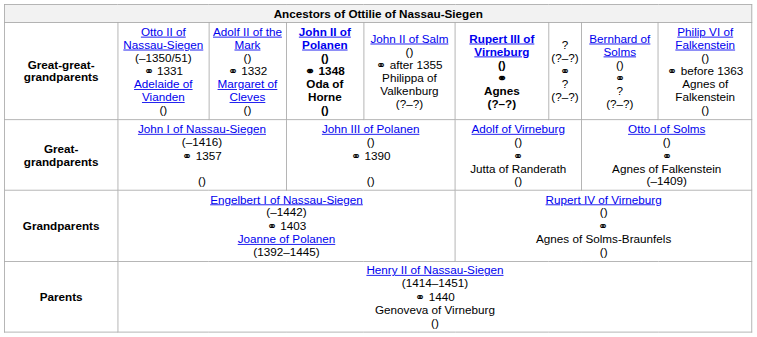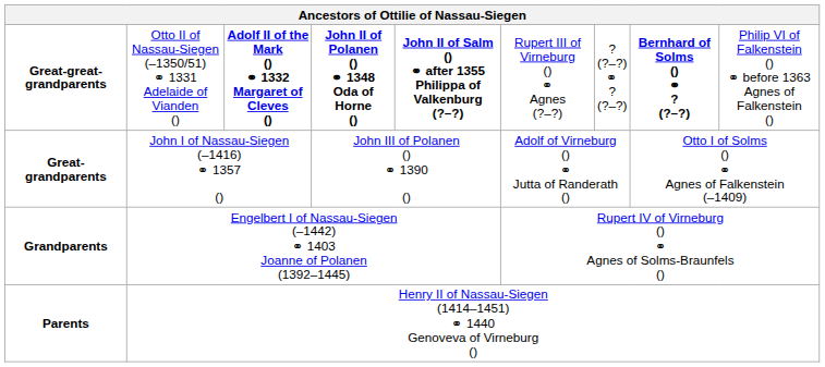 <table class="wikitable" style="background:#FFFFFF; font-size:85%; text-align:center">
 <tr bgcolor="#E0E0E0">
 <th colspan="9">Ancestors of Ottilie of Nassau-Siegen</th>
 </tr>
 <tr>
 <td><strong>Great-great-grandparents</strong></td>
 <td colspan="1"><a href='#'>Otto II of Nassau-Siegen</a><br>(–1350/51)<br>⚭ 1331<br><a href='#'>Adelaide of Vianden</a><br>()</td>
-<td colspan="1"><a href='#'>Adolf II of the Mark</a><br>()<br>⚭ 1332<br><a href='#'>Margaret of Cleves</a><br>()</td>
+<td colspan="1"><strong><a href='#'>Adolf II of the Mark</a><br>()<br>⚭ 1332<br><a href='#'>Margaret of Cleves</a><br>()</strong></td>
 <td colspan="1"><strong><a href='#'>John II of Polanen</a><br>()<br>⚭ 1348<br>Oda of Horne<br>()</strong></td>
-<td colspan="1"><a href='#'>John II of Salm</a><br>()<br>⚭ after 1355<br>Philippa of Valkenburg<br>(?–?)</td>
-<td colspan="1"><strong><a href='#'>Rupert III of Virneburg</a><br>()<br>⚭<br>Agnes<br>(?–?)</strong></td>
+<td colspan="1"><strong><a href='#'>John II of Salm</a><br>()<br>⚭ after 1355<br>Philippa of Valkenburg<br>(?–?)</strong></td>
+<td colspan="1"><a href='#'>Rupert III of Virneburg</a><br>()<br>⚭<br>Agnes<br>(?–?)</td>
 <td colspan="1">?<br>(?–?)<br>⚭<br>?<br>(?–?)</td>
-<td colspan="1"><a href='#'>Bernhard of Solms</a><br>()<br>⚭<br>?<br>(?–?)</td>
+<td colspan="1"><strong><a href='#'>Bernhard of Solms</a><br>()<br>⚭<br>?<br>(?–?)</strong></td>
 <td colspan="1"><a href='#'>Philip VI of Falkenstein</a><br>()<br>⚭ before 1363<br>Agnes of Falkenstein<br>()</td>
 </tr>
 <tr>
 <td><strong>Great-grandparents</strong></td>
 <td colspan="2"><a href='#'>John I of Nassau-Siegen</a><br>(–1416)<br>⚭ 1357<br><br>()</td>
 <td colspan="2"><a href='#'>John III of Polanen</a><br>()<br>⚭ 1390<br><br>()</td>
 <td colspan="2"><a href='#'>Adolf of Virneburg</a><br>()<br>⚭<br>Jutta of Randerath<br>()</td>
 <td colspan="2"><a href='#'>Otto I of Solms</a><br>()<br>⚭<br>Agnes of Falkenstein<br>(–1409)</td>
 </tr>
 <tr>
 <td><strong>Grandparents</strong></td>
 <td colspan="4"><a href='#'>Engelbert I of Nassau-Siegen</a><br>(–1442)<br>⚭ 1403<br><a href='#'>Joanne of Polanen</a><br>(1392–1445)</td>
 <td colspan="4"><a href='#'>Rupert IV of Virneburg</a><br>()<br>⚭<br>Agnes of Solms-Braunfels<br>()</td>
 </tr>
 <tr>
 <td><strong>Parents</strong></td>
 <td colspan="8"><a href='#'>Henry II of Nassau-Siegen</a><br>(1414–1451)<br>⚭ 1440<br>Genoveva of Virneburg<br>()</td>
 </tr>
 </table>
